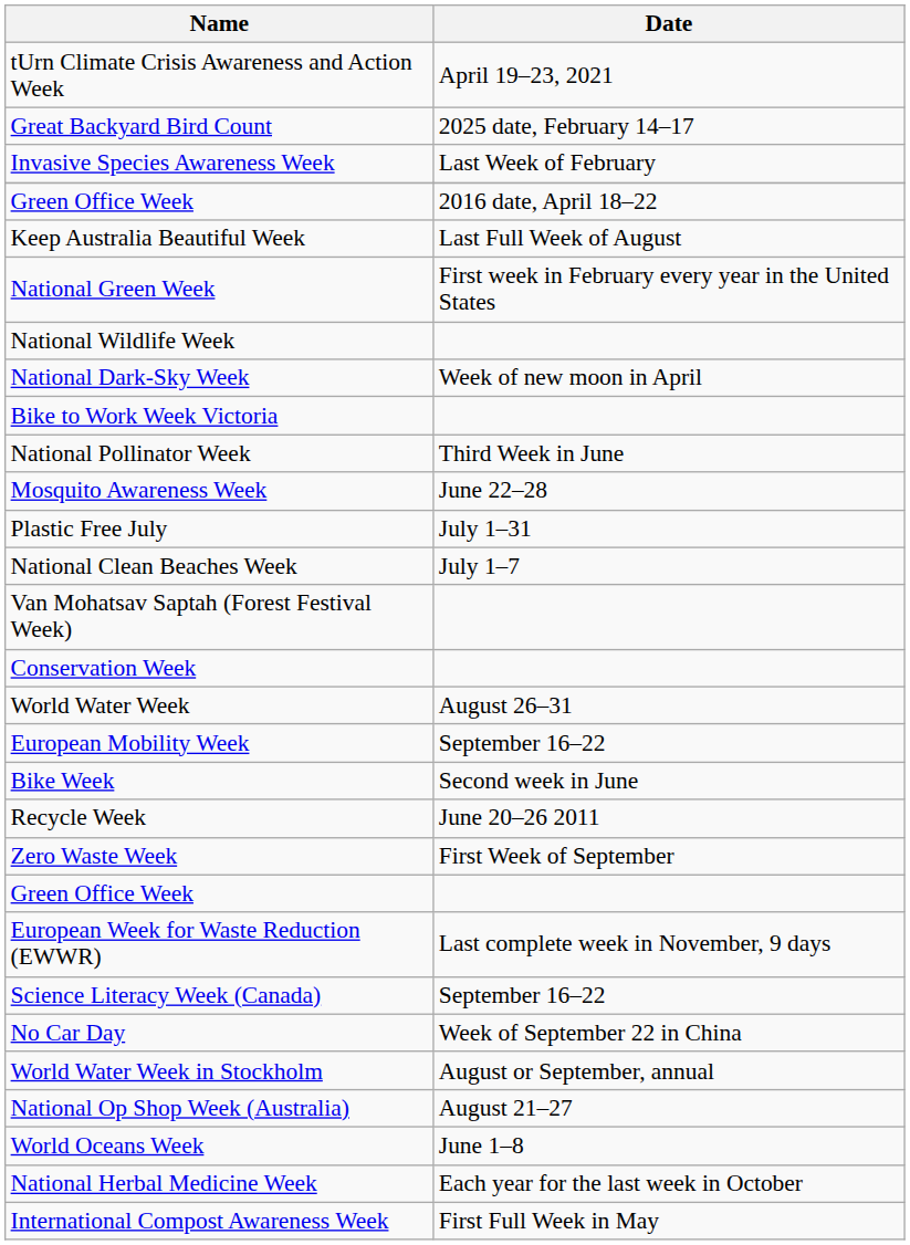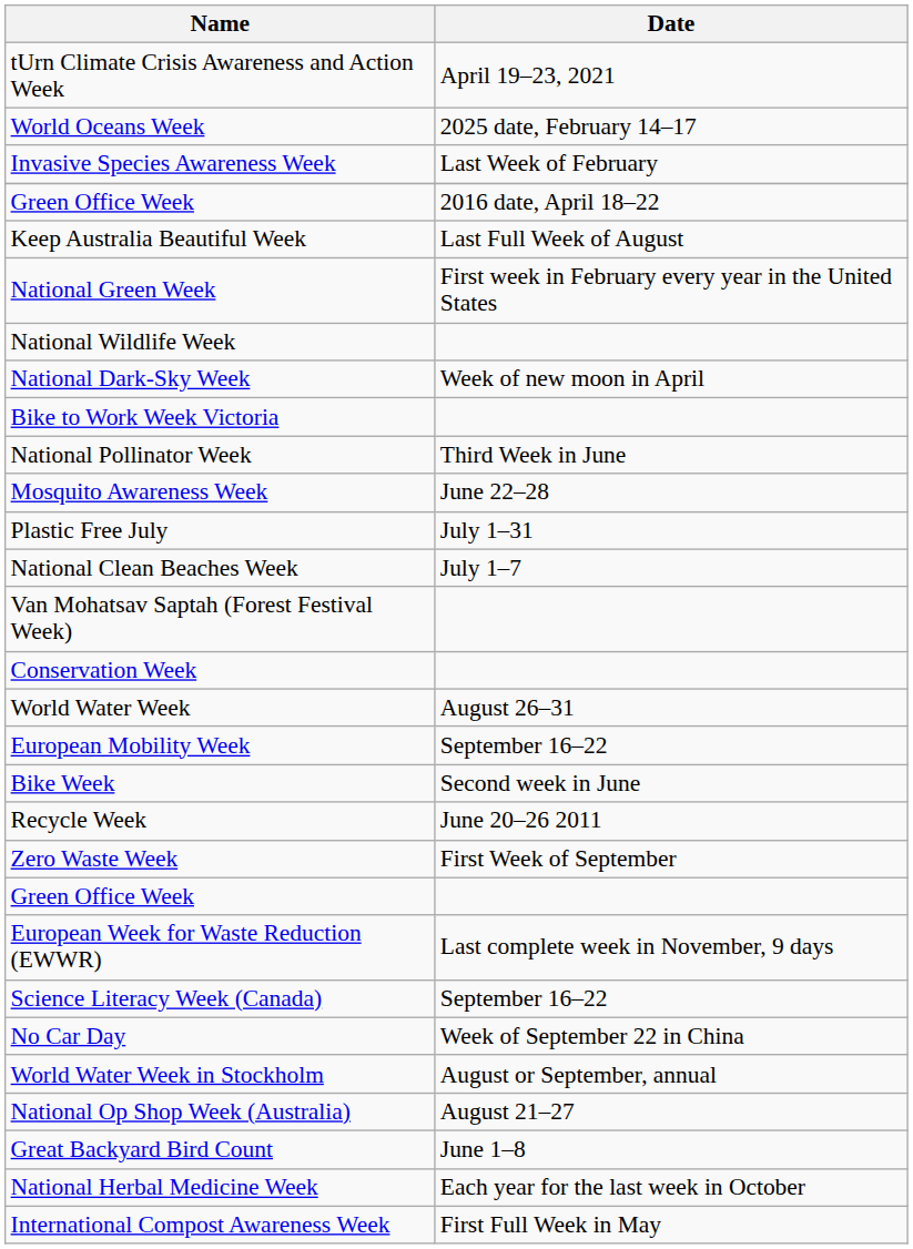 <table class="wikitable sortable">
 <tr>
 <th>Name</th>
 <th>Date</th>
 </tr>
 <tr>
 <td>tUrn Climate Crisis Awareness and Action Week</td>
 <td>April 19–23, 2021</td>
 </tr>
 <tr>
-<td><a href='#'>Great Backyard Bird Count</a></td>
+<td><a href='#'>World Oceans Week</a></td>
 <td>2025 date, February 14–17</td>
 </tr>
 <tr>
 <td><a href='#'>Invasive Species Awareness Week</a></td>
 <td>Last Week of February</td>
 </tr>
 <tr>
 </tr>
 <tr>
 <td><a href='#'>Green Office Week</a></td>
 <td>2016 date, April 18–22</td>
 </tr>
 <tr>
 <td>Keep Australia Beautiful Week</td>
 <td>Last Full Week of August</td>
 </tr>
 <tr>
 <td><a href='#'>National Green Week</a></td>
 <td>First week in February every year in the United States</td>
 </tr>
 <tr>
 <td>National Wildlife Week</td>
 <td></td>
 </tr>
 <tr>
 <td><a href='#'>National Dark-Sky Week</a></td>
 <td>Week of new moon in April</td>
 </tr>
 <tr>
 <td><a href='#'>Bike to Work Week Victoria</a></td>
 <td></td>
 </tr>
 <tr>
 <td>National Pollinator Week</td>
 <td>Third Week in June</td>
 </tr>
 <tr>
 <td><a href='#'>Mosquito Awareness Week</a></td>
 <td>June 22–28</td>
 </tr>
 <tr>
 <td>Plastic Free July</td>
 <td>July 1–31</td>
 </tr>
 <tr>
 <td>National Clean Beaches Week</td>
 <td>July 1–7</td>
 </tr>
 <tr>
 <td>Van Mohatsav Saptah (Forest Festival Week)</td>
 <td></td>
 </tr>
 <tr>
 <td><a href='#'>Conservation Week</a></td>
 <td></td>
 </tr>
 <tr>
 <td>World Water Week</td>
 <td>August 26–31</td>
 </tr>
 <tr>
 <td><a href='#'>European Mobility Week</a></td>
 <td>September 16–22</td>
 </tr>
 <tr>
 <td><a href='#'>Bike Week</a></td>
 <td>Second week in June</td>
 </tr>
 <tr>
 <td>Recycle Week</td>
 <td>June 20–26 2011</td>
 </tr>
 <tr>
 <td><a href='#'>Zero Waste Week</a></td>
 <td>First Week of September</td>
 </tr>
 <tr>
 <td><a href='#'>Green Office Week</a></td>
 <td></td>
 </tr>
 <tr>
 <td><a href='#'>European Week for Waste Reduction</a> (EWWR)</td>
 <td>Last complete week in November, 9 days</td>
 </tr>
 <tr>
 <td><a href='#'>Science Literacy Week (Canada)</a></td>
 <td>September 16–22</td>
 </tr>
 <tr>
 <td><a href='#'>No Car Day</a></td>
 <td>Week of September 22 in China</td>
 </tr>
 <tr>
 <td><a href='#'>World Water Week in Stockholm</a></td>
 <td>August or September, annual</td>
 </tr>
 <tr>
 <td><a href='#'>National Op Shop Week (Australia)</a></td>
 <td>August 21–27</td>
 </tr>
 <tr>
-<td><a href='#'>World Oceans Week</a></td>
+<td><a href='#'>Great Backyard Bird Count</a></td>
 <td>June 1–8</td>
 </tr>
 <tr>
 <td><a href='#'>National Herbal Medicine Week</a></td>
 <td>Each year for the last week in October</td>
 </tr>
 <tr>
 <td><a href='#'>International Compost Awareness Week</a></td>
 <td>First Full Week in May</td>
 </tr>
 </table>
